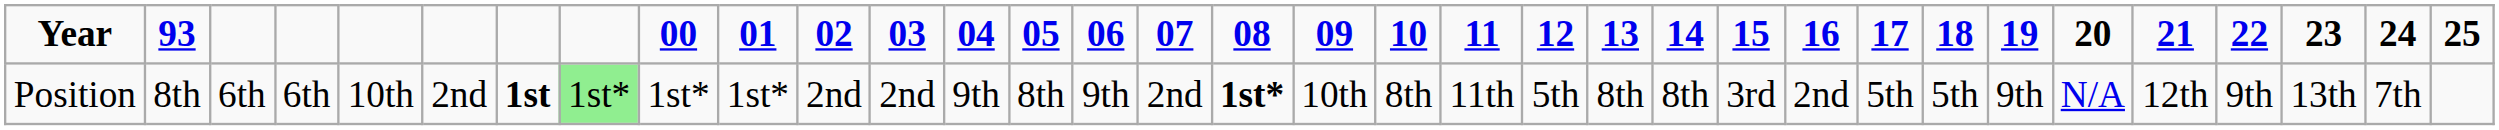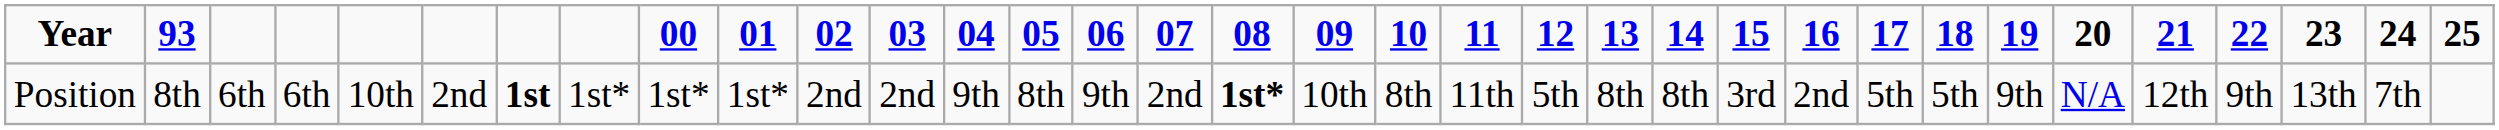 <table class="wikitable">
 <tr style="text-align:center;">
 <td><strong>Year</strong></td>
 <td style="width:20px;"><a href='#'><strong>93</strong></a></td>
 <td style="width:20px;"></td>
 <td style="width:20px;"></td>
 <td style="width:20px;"></td>
 <td style="width:20px;"></td>
 <td style="width:20px;"></td>
 <td style="width:20px;"></td>
 <td style="width:20px;"><a href='#'><strong>00</strong></a></td>
 <td style="width:20px;"><a href='#'><strong>01</strong></a></td>
 <td style="width:20px;"><a href='#'><strong>02</strong></a></td>
 <td style="width:20px;"><a href='#'><strong>03</strong></a></td>
 <td style="width:20px;"><a href='#'><strong>04</strong></a></td>
 <td style="width:20px;"><a href='#'><strong>05</strong></a></td>
 <td style="width:20px;"><a href='#'><strong>06</strong></a></td>
 <td style="width:20px;"><a href='#'><strong>07</strong></a></td>
 <td style="width:20px;"><a href='#'><strong>08</strong></a></td>
 <td style="width:20px;"><a href='#'><strong>09</strong></a></td>
 <td style="width:20px;"><a href='#'><strong>10</strong></a></td>
 <td style="width:20px;"><a href='#'><strong>11</strong></a></td>
 <td style="width:20px;"><a href='#'><strong>12</strong></a></td>
 <td style="width:20px;"><a href='#'><strong>13</strong></a></td>
 <td style="width:20px;"><a href='#'><strong>14</strong></a></td>
 <td style="width:20px;"><a href='#'><strong>15</strong></a></td>
 <td style="width:20px;"><a href='#'><strong>16</strong></a></td>
 <td style="width:20px;"><a href='#'><strong>17</strong></a></td>
 <td style="width:20px;"><a href='#'><strong>18</strong></a></td>
 <td style="width:20px;"><a href='#'><strong>19</strong></a></td>
 <td style="width:20px;"><strong>20</strong></td>
 <td style="width:20px;"><a href='#'><strong>21</strong></a></td>
 <td style="width:20px;"><a href='#'><strong>22</strong></a></td>
 <td style="width:20px;"><strong>23</strong></td>
 <td style="width:20px;"><strong>24</strong></td>
 <td style="width:20px;"><strong>25</strong></td>
 </tr>
 <tr style="text-align:center;">
 <td>Position</td>
 <td>8th</td>
 <td>6th</td>
 <td>6th</td>
 <td>10th</td>
 <td>2nd</td>
 <td><strong>1st</strong></td>
-<td style="background: lightgreen;">1st*</td>
+<td>1st*</td>
 <td>1st*</td>
 <td>1st*</td>
 <td>2nd</td>
 <td>2nd</td>
 <td>9th</td>
 <td>8th</td>
 <td>9th</td>
 <td>2nd</td>
 <td><strong>1st*</strong></td>
 <td>10th</td>
 <td>8th</td>
 <td>11th</td>
 <td>5th</td>
 <td>8th</td>
 <td>8th</td>
 <td>3rd</td>
 <td>2nd</td>
 <td>5th</td>
 <td>5th</td>
 <td>9th</td>
 <td><a href='#'>N/A</a></td>
 <td>12th</td>
 <td>9th</td>
 <td>13th</td>
 <td>7th</td>
 <td></td>
 </tr>
 </table>
